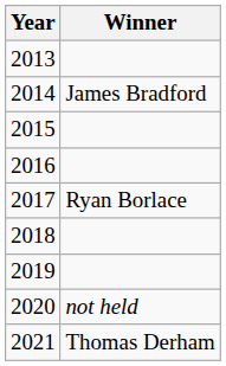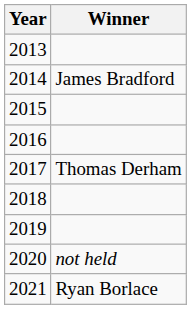 <table class="wikitable">
 <tr>
 <th>Year</th>
 <th>Winner</th>
 </tr>
 <tr>
 <td>2013</td>
 <td></td>
 </tr>
 <tr>
 <td>2014</td>
 <td>James Bradford  </td>
 </tr>
 <tr>
 <td>2015</td>
 <td></td>
 </tr>
 <tr>
 <td>2016</td>
 <td></td>
 </tr>
 <tr>
 <td>2017</td>
-<td>Ryan Borlace </td>
+<td>Thomas Derham </td>
 </tr>
 <tr>
 <td>2018</td>
 <td></td>
 </tr>
 <tr>
 <td>2019</td>
 <td></td>
 </tr>
 <tr>
 <td>2020</td>
 <td><em>not held</em></td>
 </tr>
 <tr>
 <td>2021</td>
-<td>Thomas Derham </td>
+<td>Ryan Borlace </td>
 </tr>
 </table>
